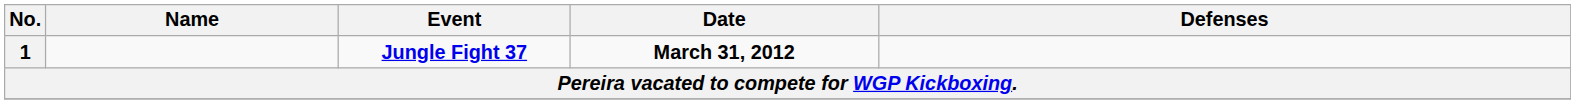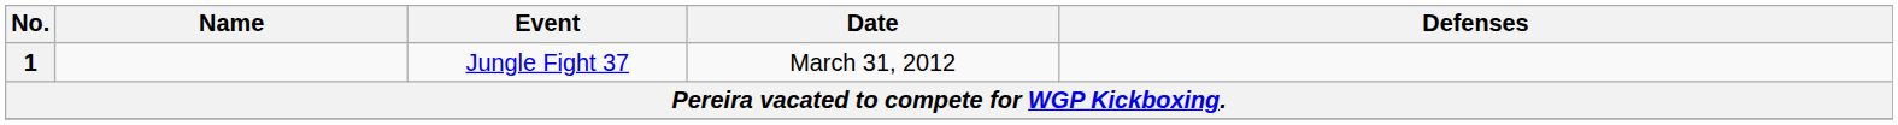 <table class="wikitable" width=100%>
 <tr>
 <th width=1%>No.</th>
 <th width=19%>Name</th>
 <th width=15%>Event</th>
 <th width=20%>Date</th>
 <th width=45%>Defenses</th>
 </tr>
 <tr>
 <th>1</th>
 <td align=left><br></td>
-<td align=center><strong><a href='#'>Jungle Fight 37</a> <br></strong></td>
-<td align=center><strong>March 31, 2012</strong></td>
+<td align=center><a href='#'>Jungle Fight 37</a> <br></td>
+<td align=center>March 31, 2012</td>
 <td></td>
 </tr>
 <tr>
 <th colspan=6 align=center><em>Pereira vacated to compete for <a href='#'>WGP Kickboxing</a>.</em></th>
 </tr>
 <tr>
 </tr>
 </table>
